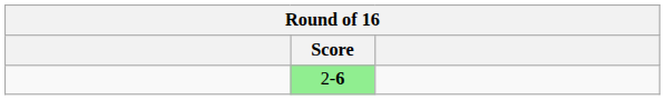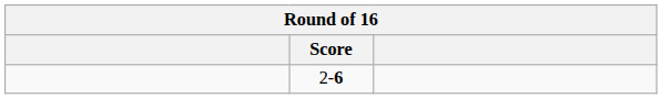 <table class="wikitable" style="text-align: center; font-size:90% ">
 <tr>
 <th colspan=3>Round of 16</th>
 </tr>
 <tr>
 <th align="right" width=220></th>
 <th width="60">Score</th>
 <th align="left" width=220></th>
 </tr>
 <tr>
 <td align=left></td>
-<td align=center style="background: lightgreen;">2-<strong>6</strong></td>
+<td align=center>2-<strong>6</strong></td>
 <td align=left><strong></strong></td>
 </tr>
 </table>
